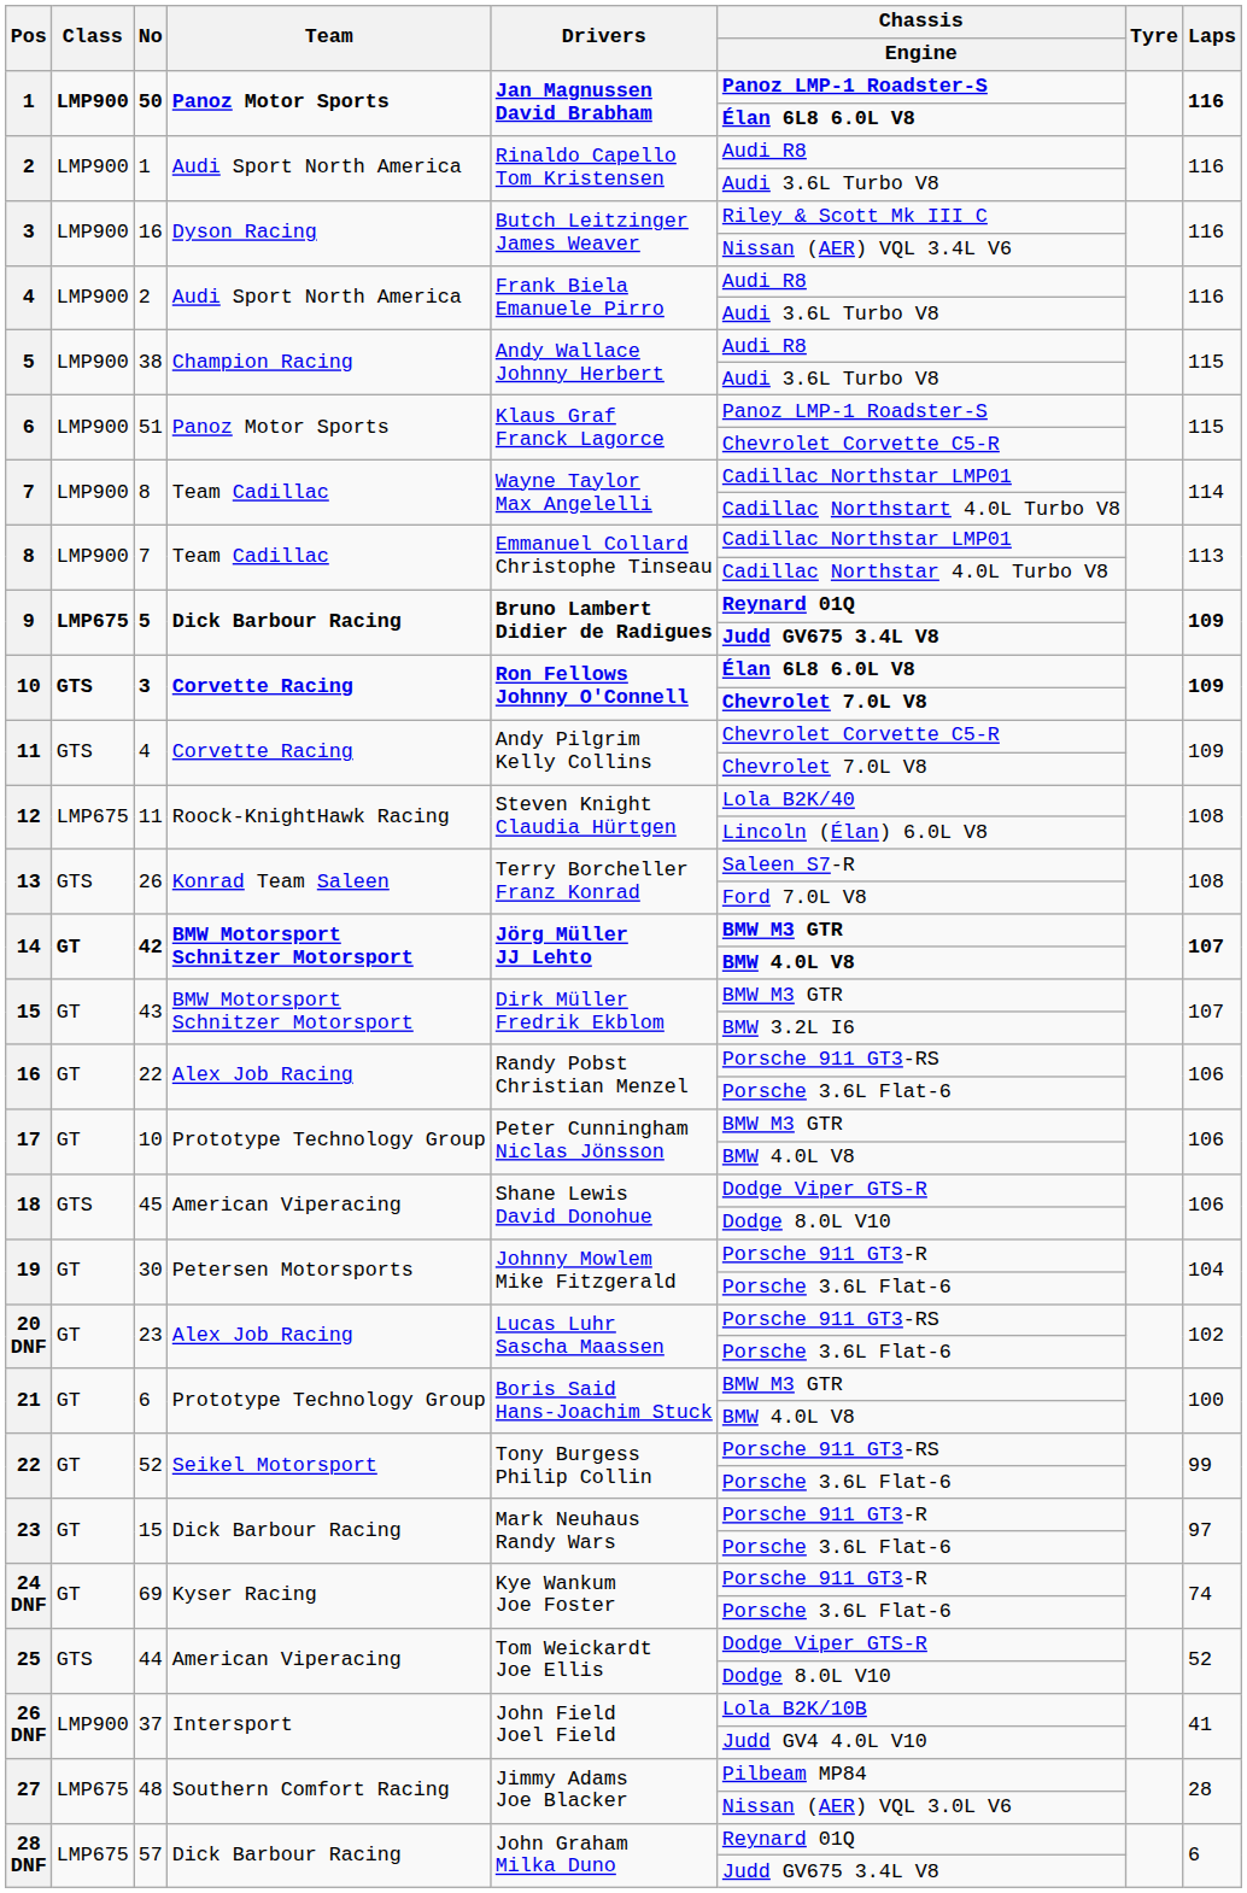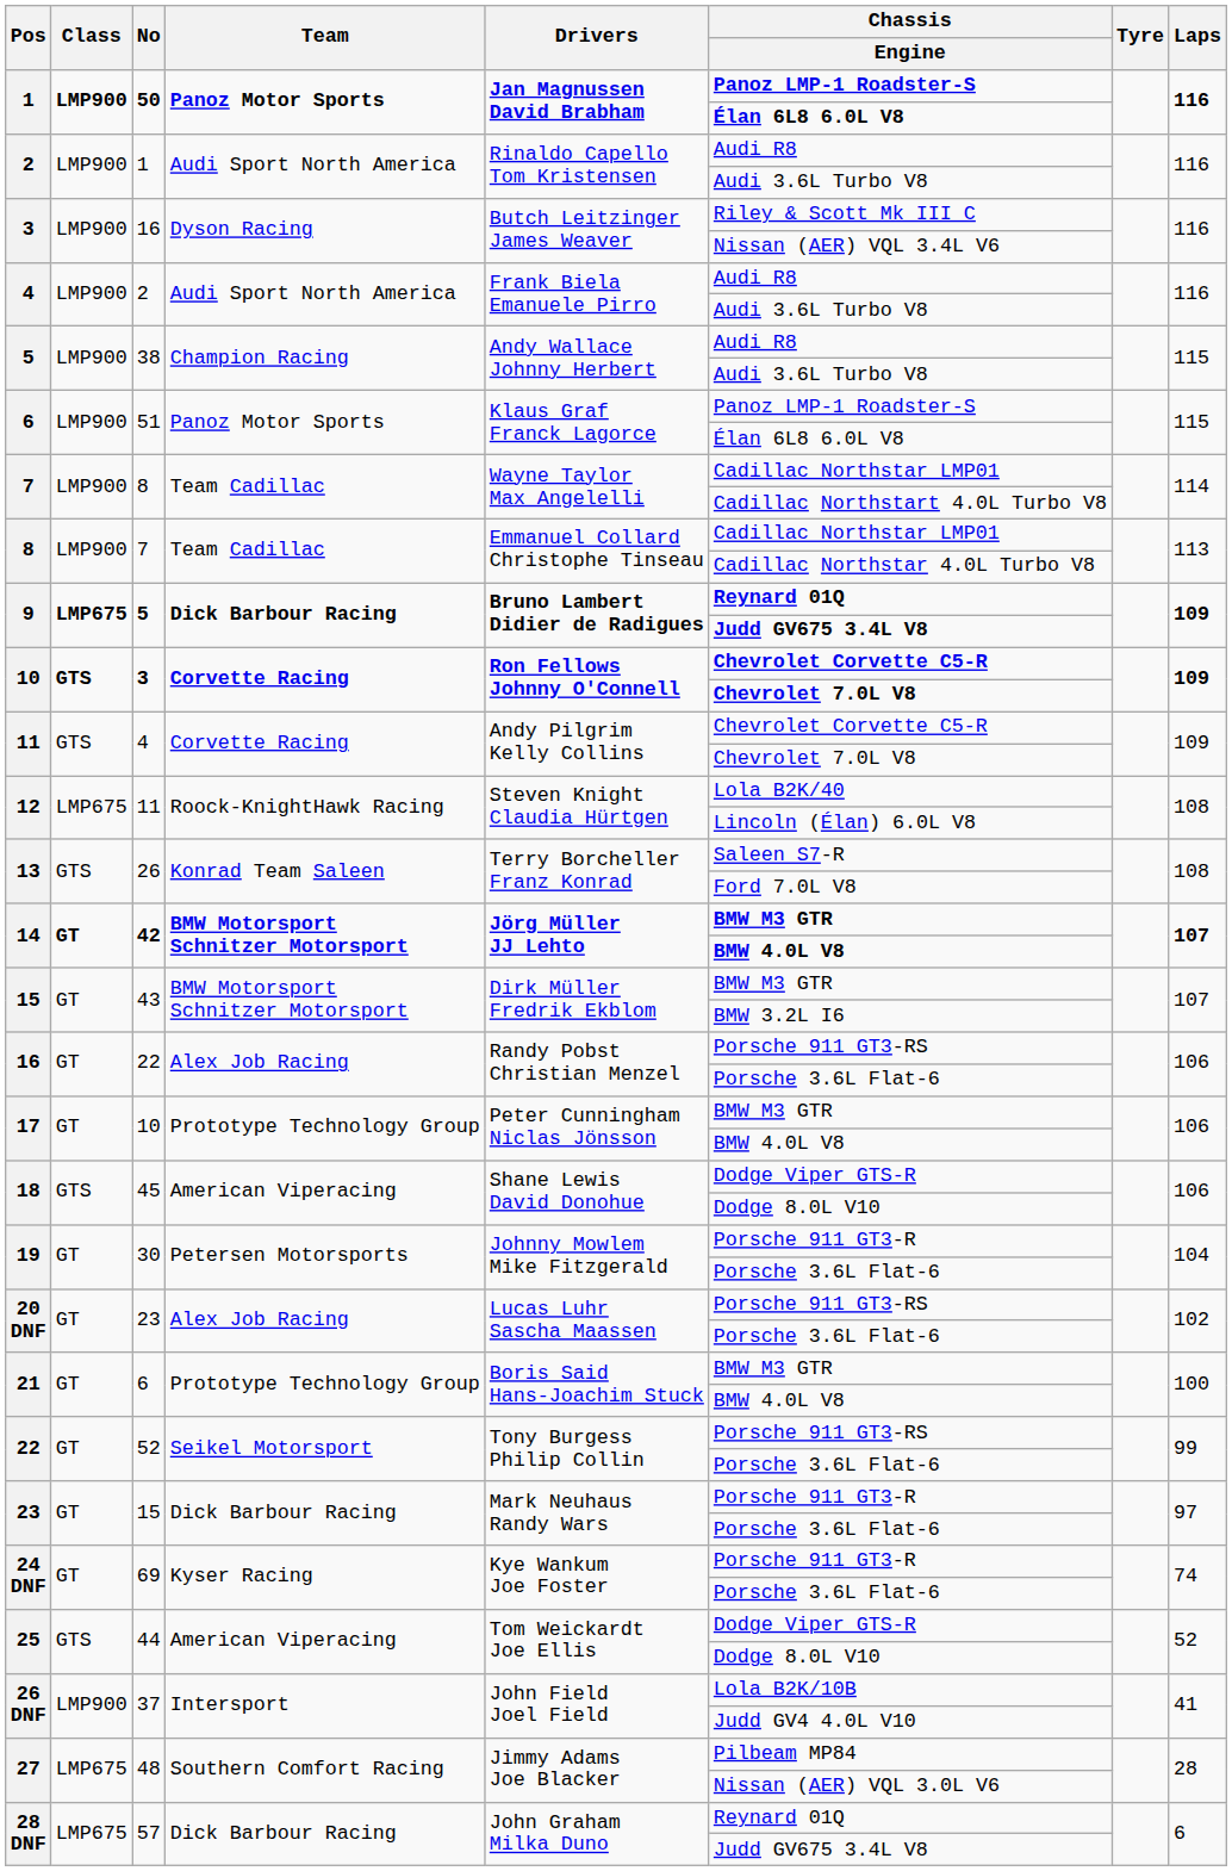 <table class="wikitable" style="font-size: 95%;">
 <tr>
 <th rowspan=2>Pos</th>
 <th rowspan=2>Class</th>
 <th rowspan=2>No</th>
 <th rowspan=2>Team</th>
 <th rowspan=2>Drivers</th>
 <th>Chassis</th>
 <th rowspan=2>Tyre</th>
 <th rowspan=2>Laps</th>
 </tr>
 <tr>
 <th>Engine</th>
 </tr>
 <tr style="font-weight:bold">
 <th rowspan=2>1</th>
 <td rowspan=2>LMP900</td>
 <td rowspan=2>50</td>
 <td rowspan=2> <a href='#'>Panoz</a> Motor Sports</td>
 <td rowspan=2> <a href='#'>Jan Magnussen</a><br> <a href='#'>David Brabham</a></td>
 <td><a href='#'>Panoz LMP-1 Roadster-S</a></td>
 <td rowspan=2></td>
 <td rowspan=2>116</td>
 </tr>
 <tr style="font-weight:bold">
 <td><a href='#'>Élan</a> 6L8 6.0L V8</td>
 </tr>
 <tr>
 <th rowspan=2>2</th>
 <td rowspan=2>LMP900</td>
 <td rowspan=2>1</td>
 <td rowspan=2> <a href='#'>Audi</a> Sport North America</td>
 <td rowspan=2> <a href='#'>Rinaldo Capello</a><br> <a href='#'>Tom Kristensen</a></td>
 <td><a href='#'>Audi R8</a></td>
 <td rowspan=2></td>
 <td rowspan=2>116</td>
 </tr>
 <tr>
 <td><a href='#'>Audi</a> 3.6L Turbo V8</td>
 </tr>
 <tr>
 <th rowspan=2>3</th>
 <td rowspan=2>LMP900</td>
 <td rowspan=2>16</td>
 <td rowspan=2> <a href='#'>Dyson Racing</a></td>
 <td rowspan=2> <a href='#'>Butch Leitzinger</a><br> <a href='#'>James Weaver</a></td>
 <td><a href='#'>Riley & Scott Mk III C</a></td>
 <td rowspan=2></td>
 <td rowspan=2>116</td>
 </tr>
 <tr>
 <td><a href='#'>Nissan</a> (<a href='#'>AER</a>) VQL 3.4L V6</td>
 </tr>
 <tr>
 <th rowspan=2>4</th>
 <td rowspan=2>LMP900</td>
 <td rowspan=2>2</td>
 <td rowspan=2> <a href='#'>Audi</a> Sport North America</td>
 <td rowspan=2> <a href='#'>Frank Biela</a><br> <a href='#'>Emanuele Pirro</a></td>
 <td><a href='#'>Audi R8</a></td>
 <td rowspan=2></td>
 <td rowspan=2>116</td>
 </tr>
 <tr>
 <td><a href='#'>Audi</a> 3.6L Turbo V8</td>
 </tr>
 <tr>
 <th rowspan=2>5</th>
 <td rowspan=2>LMP900</td>
 <td rowspan=2>38</td>
 <td rowspan=2> <a href='#'>Champion Racing</a></td>
 <td rowspan=2> <a href='#'>Andy Wallace</a><br> <a href='#'>Johnny Herbert</a></td>
 <td><a href='#'>Audi R8</a></td>
 <td rowspan=2></td>
 <td rowspan=2>115</td>
 </tr>
 <tr>
 <td><a href='#'>Audi</a> 3.6L Turbo V8</td>
 </tr>
 <tr>
 <th rowspan=2>6</th>
 <td rowspan=2>LMP900</td>
 <td rowspan=2>51</td>
 <td rowspan=2> <a href='#'>Panoz</a> Motor Sports</td>
 <td rowspan=2> <a href='#'>Klaus Graf</a><br> <a href='#'>Franck Lagorce</a></td>
 <td><a href='#'>Panoz LMP-1 Roadster-S</a></td>
 <td rowspan=2></td>
 <td rowspan=2>115</td>
 </tr>
 <tr>
-<td><a href='#'>Chevrolet Corvette C5-R</a></td>
+<td><a href='#'>Élan</a> 6L8 6.0L V8</td>
 </tr>
 <tr>
 <th rowspan=2>7</th>
 <td rowspan=2>LMP900</td>
 <td rowspan=2>8</td>
 <td rowspan=2> Team <a href='#'>Cadillac</a></td>
 <td rowspan=2> <a href='#'>Wayne Taylor</a><br> <a href='#'>Max Angelelli</a></td>
 <td><a href='#'>Cadillac Northstar LMP01</a></td>
 <td rowspan=2></td>
 <td rowspan=2>114</td>
 </tr>
 <tr>
 <td><a href='#'>Cadillac</a> <a href='#'>Northstart</a> 4.0L Turbo V8</td>
 </tr>
 <tr>
 <th rowspan=2>8</th>
 <td rowspan=2>LMP900</td>
 <td rowspan=2>7</td>
 <td rowspan=2> Team <a href='#'>Cadillac</a></td>
 <td rowspan=2> <a href='#'>Emmanuel Collard</a><br> Christophe Tinseau</td>
 <td><a href='#'>Cadillac Northstar LMP01</a></td>
 <td rowspan=2></td>
 <td rowspan=2>113</td>
 </tr>
 <tr>
 <td><a href='#'>Cadillac</a> <a href='#'>Northstar</a> 4.0L Turbo V8</td>
 </tr>
 <tr style="font-weight:bold">
 <th rowspan=2>9</th>
 <td rowspan=2>LMP675</td>
 <td rowspan=2>5</td>
 <td rowspan=2> Dick Barbour Racing</td>
 <td rowspan=2> Bruno Lambert<br> Didier de Radigues</td>
 <td><a href='#'>Reynard</a> 01Q</td>
 <td rowspan=2></td>
 <td rowspan=2>109</td>
 </tr>
 <tr style="font-weight:bold">
 <td><a href='#'>Judd</a> GV675 3.4L V8</td>
 </tr>
 <tr style="font-weight:bold">
 <th rowspan=2>10</th>
 <td rowspan=2>GTS</td>
 <td rowspan=2>3</td>
 <td rowspan=2> <a href='#'>Corvette Racing</a></td>
 <td rowspan=2> <a href='#'>Ron Fellows</a><br> <a href='#'>Johnny O'Connell</a></td>
-<td><a href='#'>Élan</a> 6L8 6.0L V8</td>
+<td><a href='#'>Chevrolet Corvette C5-R</a></td>
 <td rowspan=2></td>
 <td rowspan=2>109</td>
 </tr>
 <tr style="font-weight:bold">
 <td><a href='#'>Chevrolet</a> 7.0L V8</td>
 </tr>
 <tr>
 <th rowspan=2>11</th>
 <td rowspan=2>GTS</td>
 <td rowspan=2>4</td>
 <td rowspan=2> <a href='#'>Corvette Racing</a></td>
 <td rowspan=2> Andy Pilgrim<br> Kelly Collins</td>
 <td><a href='#'>Chevrolet Corvette C5-R</a></td>
 <td rowspan=2></td>
 <td rowspan=2>109</td>
 </tr>
 <tr>
 <td><a href='#'>Chevrolet</a> 7.0L V8</td>
 </tr>
 <tr>
 <th rowspan=2>12</th>
 <td rowspan=2>LMP675</td>
 <td rowspan=2>11</td>
 <td rowspan=2> Roock-KnightHawk Racing</td>
 <td rowspan=2> Steven Knight<br> <a href='#'>Claudia Hürtgen</a></td>
 <td><a href='#'>Lola B2K/40</a></td>
 <td rowspan=2></td>
 <td rowspan=2>108</td>
 </tr>
 <tr>
 <td><a href='#'>Lincoln</a> (<a href='#'>Élan</a>) 6.0L V8</td>
 </tr>
 <tr>
 <th rowspan=2>13</th>
 <td rowspan=2>GTS</td>
 <td rowspan=2>26</td>
 <td rowspan=2> <a href='#'>Konrad</a> Team <a href='#'>Saleen</a></td>
 <td rowspan=2> Terry Borcheller<br> <a href='#'>Franz Konrad</a></td>
 <td><a href='#'>Saleen S7</a>-R</td>
 <td rowspan=2></td>
 <td rowspan=2>108</td>
 </tr>
 <tr>
 <td><a href='#'>Ford</a> 7.0L V8</td>
 </tr>
 <tr style="font-weight:bold">
 <th rowspan=2>14</th>
 <td rowspan=2>GT</td>
 <td rowspan=2>42</td>
 <td rowspan=2> <a href='#'>BMW Motorsport</a><br> <a href='#'>Schnitzer Motorsport</a></td>
 <td rowspan=2> <a href='#'>Jörg Müller</a><br> <a href='#'>JJ Lehto</a></td>
 <td><a href='#'>BMW M3</a> GTR</td>
 <td rowspan=2></td>
 <td rowspan=2>107</td>
 </tr>
 <tr style="font-weight:bold">
 <td><a href='#'>BMW</a> 4.0L V8</td>
 </tr>
 <tr>
 <th rowspan=2>15</th>
 <td rowspan=2>GT</td>
 <td rowspan=2>43</td>
 <td rowspan=2> <a href='#'>BMW Motorsport</a><br> <a href='#'>Schnitzer Motorsport</a></td>
 <td rowspan=2> <a href='#'>Dirk Müller</a><br> <a href='#'>Fredrik Ekblom</a></td>
 <td><a href='#'>BMW M3</a> GTR</td>
 <td rowspan=2></td>
 <td rowspan=2>107</td>
 </tr>
 <tr>
 <td><a href='#'>BMW</a> 3.2L I6</td>
 </tr>
 <tr>
 <th rowspan=2>16</th>
 <td rowspan=2>GT</td>
 <td rowspan=2>22</td>
 <td rowspan=2> <a href='#'>Alex Job Racing</a></td>
 <td rowspan=2> Randy Pobst<br> Christian Menzel</td>
 <td><a href='#'>Porsche 911 GT3</a>-RS</td>
 <td rowspan=2></td>
 <td rowspan=2>106</td>
 </tr>
 <tr>
 <td><a href='#'>Porsche</a> 3.6L Flat-6</td>
 </tr>
 <tr>
 <th rowspan=2>17</th>
 <td rowspan=2>GT</td>
 <td rowspan=2>10</td>
 <td rowspan=2> Prototype Technology Group</td>
 <td rowspan=2> Peter Cunningham<br> <a href='#'>Niclas Jönsson</a></td>
 <td><a href='#'>BMW M3</a> GTR</td>
 <td rowspan=2></td>
 <td rowspan=2>106</td>
 </tr>
 <tr>
 <td><a href='#'>BMW</a> 4.0L V8</td>
 </tr>
 <tr>
 <th rowspan=2>18</th>
 <td rowspan=2>GTS</td>
 <td rowspan=2>45</td>
 <td rowspan=2> American Viperacing</td>
 <td rowspan=2> Shane Lewis<br> <a href='#'>David Donohue</a></td>
 <td><a href='#'>Dodge Viper GTS-R</a></td>
 <td rowspan=2></td>
 <td rowspan=2>106</td>
 </tr>
 <tr>
 <td><a href='#'>Dodge</a> 8.0L V10</td>
 </tr>
 <tr>
 <th rowspan=2>19</th>
 <td rowspan=2>GT</td>
 <td rowspan=2>30</td>
 <td rowspan=2> Petersen Motorsports</td>
 <td rowspan=2> <a href='#'>Johnny Mowlem</a><br> Mike Fitzgerald</td>
 <td><a href='#'>Porsche 911 GT3</a>-R</td>
 <td rowspan=2></td>
 <td rowspan=2>104</td>
 </tr>
 <tr>
 <td><a href='#'>Porsche</a> 3.6L Flat-6</td>
 </tr>
 <tr>
 <th rowspan=2>20<br>DNF</th>
 <td rowspan=2>GT</td>
 <td rowspan=2>23</td>
 <td rowspan=2> <a href='#'>Alex Job Racing</a></td>
 <td rowspan=2> <a href='#'>Lucas Luhr</a><br> <a href='#'>Sascha Maassen</a></td>
 <td><a href='#'>Porsche 911 GT3</a>-RS</td>
 <td rowspan=2></td>
 <td rowspan=2>102</td>
 </tr>
 <tr>
 <td><a href='#'>Porsche</a> 3.6L Flat-6</td>
 </tr>
 <tr>
 <th rowspan=2>21</th>
 <td rowspan=2>GT</td>
 <td rowspan=2>6</td>
 <td rowspan=2> Prototype Technology Group</td>
 <td rowspan=2> <a href='#'>Boris Said</a><br> <a href='#'>Hans-Joachim Stuck</a></td>
 <td><a href='#'>BMW M3</a> GTR</td>
 <td rowspan=2></td>
 <td rowspan=2>100</td>
 </tr>
 <tr>
 <td><a href='#'>BMW</a> 4.0L V8</td>
 </tr>
 <tr>
 <th rowspan=2>22</th>
 <td rowspan=2>GT</td>
 <td rowspan=2>52</td>
 <td rowspan=2> <a href='#'>Seikel Motorsport</a></td>
 <td rowspan=2> Tony Burgess<br> Philip Collin</td>
 <td><a href='#'>Porsche 911 GT3</a>-RS</td>
 <td rowspan=2></td>
 <td rowspan=2>99</td>
 </tr>
 <tr>
 <td><a href='#'>Porsche</a> 3.6L Flat-6</td>
 </tr>
 <tr>
 <th rowspan=2>23</th>
 <td rowspan=2>GT</td>
 <td rowspan=2>15</td>
 <td rowspan=2> Dick Barbour Racing</td>
 <td rowspan=2> Mark Neuhaus<br> Randy Wars</td>
 <td><a href='#'>Porsche 911 GT3</a>-R</td>
 <td rowspan=2></td>
 <td rowspan=2>97</td>
 </tr>
 <tr>
 <td><a href='#'>Porsche</a> 3.6L Flat-6</td>
 </tr>
 <tr>
 <th rowspan=2>24<br>DNF</th>
 <td rowspan=2>GT</td>
 <td rowspan=2>69</td>
 <td rowspan=2> Kyser Racing</td>
 <td rowspan=2> Kye Wankum<br> Joe Foster</td>
 <td><a href='#'>Porsche 911 GT3</a>-R</td>
 <td rowspan=2></td>
 <td rowspan=2>74</td>
 </tr>
 <tr>
 <td><a href='#'>Porsche</a> 3.6L Flat-6</td>
 </tr>
 <tr>
 <th rowspan=2>25</th>
 <td rowspan=2>GTS</td>
 <td rowspan=2>44</td>
 <td rowspan=2> American Viperacing</td>
 <td rowspan=2> Tom Weickardt<br> Joe Ellis</td>
 <td><a href='#'>Dodge Viper GTS-R</a></td>
 <td rowspan=2></td>
 <td rowspan=2>52</td>
 </tr>
 <tr>
 <td><a href='#'>Dodge</a> 8.0L V10</td>
 </tr>
 <tr>
 <th rowspan=2>26<br>DNF</th>
 <td rowspan=2>LMP900</td>
 <td rowspan=2>37</td>
 <td rowspan=2> Intersport</td>
 <td rowspan=2> John Field<br> Joel Field</td>
 <td><a href='#'>Lola B2K/10B</a></td>
 <td rowspan=2></td>
 <td rowspan=2>41</td>
 </tr>
 <tr>
 <td><a href='#'>Judd</a> GV4 4.0L V10</td>
 </tr>
 <tr>
 <th rowspan=2>27</th>
 <td rowspan=2>LMP675</td>
 <td rowspan=2>48</td>
 <td rowspan=2> Southern Comfort Racing</td>
 <td rowspan=2> Jimmy Adams<br> Joe Blacker</td>
 <td><a href='#'>Pilbeam</a> MP84</td>
 <td rowspan=2></td>
 <td rowspan=2>28</td>
 </tr>
 <tr>
 <td><a href='#'>Nissan</a> (<a href='#'>AER</a>) VQL 3.0L V6</td>
 </tr>
 <tr>
 <th rowspan=2>28<br>DNF</th>
 <td rowspan=2>LMP675</td>
 <td rowspan=2>57</td>
 <td rowspan=2> Dick Barbour Racing</td>
 <td rowspan=2> John Graham<br> <a href='#'>Milka Duno</a></td>
 <td><a href='#'>Reynard</a> 01Q</td>
 <td rowspan=2></td>
 <td rowspan=2>6</td>
 </tr>
 <tr>
 <td><a href='#'>Judd</a> GV675 3.4L V8</td>
 </tr>
 </table>
